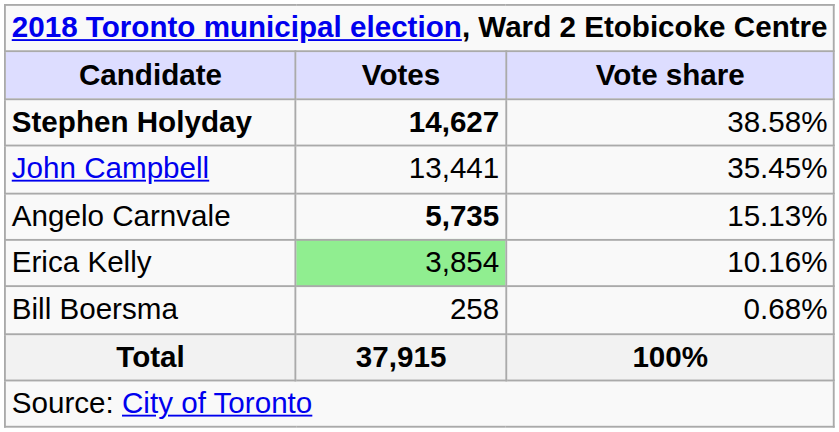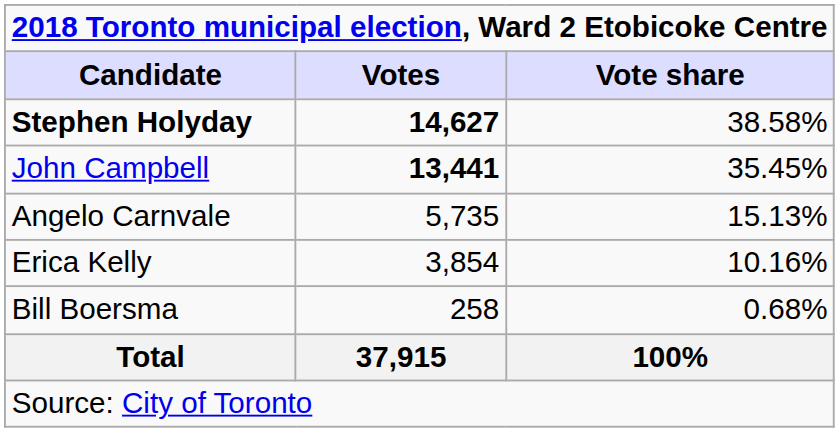 <table class="wikitable plainrowheaders">
 <tr>
 <td colspan="3"><strong><a href='#'>2018 Toronto municipal election</a>, Ward 2 Etobicoke Centre</strong></td>
 </tr>
 <tr>
 <th scope="col" style="background:#ddf; width:150px;">Candidate</th>
 <th scope="col" style="background:#ddf;">Votes</th>
 <th scope="col" style="background:#ddf;">Vote share</th>
 </tr>
 <tr>
 <td scope="row"><strong>Stephen Holyday</strong></td>
 <td align="right"><strong>14,627</strong></td>
 <td align="right">38.58%</td>
 </tr>
 <tr>
 <td scope="row"><a href='#'>John Campbell</a></td>
-<td align="right">13,441</td>
+<td align="right"><strong>13,441</strong></td>
 <td align="right">35.45%</td>
 </tr>
 <tr>
 <td scope="row">Angelo Carnvale</td>
-<td align="right"><strong>5,735</strong></td>
+<td align="right">5,735</td>
 <td align="right">15.13%</td>
 </tr>
 <tr>
 <td scope="row">Erica Kelly</td>
-<td align="right" style="background: lightgreen;">3,854</td>
+<td align="right">3,854</td>
 <td align="right">10.16%</td>
 </tr>
 <tr>
 <td>Bill Boersma</td>
 <td align="right">258</td>
 <td align="right">0.68%</td>
 </tr>
 <tr>
 <th scope="row"><strong>Total</strong></th>
 <th align="right">37,915</th>
 <th align="right">100%</th>
 </tr>
 <tr>
 <td colspan="3">Source: <a href='#'>City of Toronto</a></td>
 </tr>
 </table>
